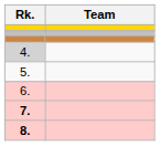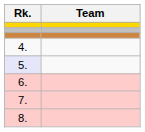 <table class="wikitable" style="border:1px solid #AAAAAA;font-size:90%">
 <tr bgcolor="#E4E4E4">
 <th style="border-bottom:1px solid #AAAAAA" width=40>Rk.</th>
 <th style="border-bottom:1px solid #AAAAAA" width=120>Team</th>
 </tr>
 <tr style="background:#ffd700;">
 <td align=center></td>
 <td></td>
 </tr>
 <tr style="background:#c0c0c0;">
 <td align=center></td>
 <td></td>
 </tr>
 <tr style="background:#CD853F;">
 <td align=center></td>
 <td></td>
 </tr>
 <tr>
-<td align=center style="background: lightgrey;">4.</td>
+<td align=center>4.</td>
 <td></td>
 </tr>
 <tr>
-<td align=center>5.</td>
+<td align=center style="background: lavender;">5.</td>
 <td></td>
 </tr>
 <tr style="background:#ffcccc;">
 <td align=center>6.</td>
 <td></td>
 </tr>
 <tr style="background:#ffcccc;">
-<td align=center><strong>7.</strong></td>
+<td align=center>7.</td>
 <td></td>
 </tr>
 <tr style="background:#ffcccc;">
-<td align=center><strong>8.</strong></td>
+<td align=center>8.</td>
 <td></td>
 </tr>
 </table>
